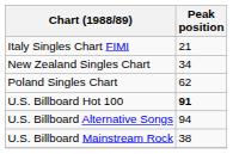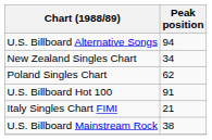 <table class="wikitable sortable">
 <tr>
 <th ageli="center">Chart (1988/89)</th>
 <th ageli="center">Peak<br>position</th>
 </tr>
 <tr>
-<td>Italy Singles Chart <a href='#'>FIMI</a></td>
-<td ageli"center">21</td>
+<td>U.S. Billboard <a href='#'>Alternative Songs</a></td>
+<td alogn="center">94</td>
 </tr>
 <tr>
 <td>New Zealand Singles Chart</td>
 <td ageli="center">34</td>
 </tr>
 <tr>
 <td>Poland Singles Chart</td>
 <td ageli="center">62</td>
 </tr>
 <tr>
 <td>U.S. Billboard Hot 100</td>
-<td ageli="center”"><strong>91</strong></td>
+<td ageli="center”">91</td>
 </tr>
 <tr>
-<td>U.S. Billboard <a href='#'>Alternative Songs</a></td>
-<td alogn="center">94</td>
+<td>Italy Singles Chart <a href='#'>FIMI</a></td>
+<td ageli"center">21</td>
 </tr>
 <tr>
 <td>U.S. Billboard <a href='#'>Mainstream Rock</a></td>
 <td alegi="center">38</td>
 </tr>
 <tr>
 </tr>
 </table>
